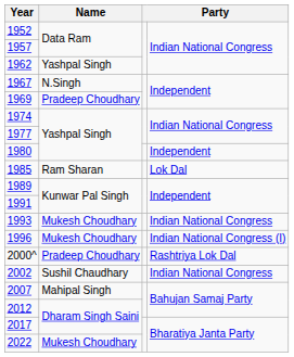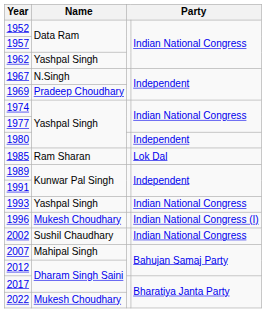 <table class="wikitable">
 <tr>
 <th>Year</th>
 <th>Name</th>
 <th colspan="2">Party</th>
 </tr>
 <tr>
 <td><a href='#'>1952</a></td>
 <td rowspan="2">Data Ram</td>
 <td rowspan="3" style="background-color: "></td>
 <td rowspan="3"><a href='#'>Indian National Congress</a></td>
 </tr>
 <tr>
 <td><a href='#'>1957</a></td>
 </tr>
 <tr>
 <td><a href='#'>1962</a></td>
 <td>Yashpal Singh</td>
 </tr>
 <tr>
 <td><a href='#'>1967</a></td>
 <td>N.Singh</td>
 <td rowspan="2" style="background-color: "></td>
 <td rowspan="2"><a href='#'>Independent</a></td>
 </tr>
 <tr>
 <td><a href='#'>1969</a></td>
 <td><a href='#'>Pradeep Choudhary</a></td>
 </tr>
 <tr>
 <td><a href='#'>1974</a></td>
 <td rowspan="3">Yashpal Singh</td>
 <td rowspan="2" style="background-color: "></td>
 <td rowspan="2"><a href='#'>Indian National Congress</a></td>
 </tr>
 <tr>
 <td><a href='#'>1977</a></td>
 </tr>
 <tr>
 <td><a href='#'>1980</a></td>
 <td style="background-color: "></td>
 <td><a href='#'>Independent</a></td>
 </tr>
 <tr>
 <td><a href='#'>1985</a></td>
 <td>Ram Sharan</td>
 <td style="background-color: "></td>
 <td><a href='#'>Lok Dal</a></td>
 </tr>
 <tr>
 <td><a href='#'>1989</a></td>
 <td rowspan="2">Kunwar Pal Singh</td>
 <td rowspan="2" style="background-color: "></td>
 <td rowspan="2"><a href='#'>Independent</a></td>
 </tr>
 <tr>
 <td><a href='#'>1991</a></td>
 </tr>
 <tr>
 <td><a href='#'>1993</a></td>
-<td><a href='#'>Mukesh Choudhary</a></td>
+<td>Yashpal Singh</td>
 <td style="background-color: "></td>
 <td><a href='#'>Indian National Congress</a></td>
 </tr>
 <tr>
 <td><a href='#'>1996</a></td>
 <td><a href='#'>Mukesh Choudhary</a></td>
 <td style="background-color: "></td>
 <td><a href='#'>Indian National Congress (I)</a></td>
-</tr>
-<tr>
-<td>2000^</td>
-<td><a href='#'>Pradeep Choudhary</a></td>
-<td style="background-color: "></td>
-<td><a href='#'>Rashtriya Lok Dal</a></td>
 </tr>
 <tr>
 <td><a href='#'>2002</a></td>
 <td>Sushil Chaudhary</td>
 <td style="background-color: "></td>
 <td><a href='#'>Indian National Congress</a></td>
 </tr>
 <tr>
 <td><a href='#'>2007</a></td>
 <td>Mahipal Singh</td>
 <td rowspan="2" style="background-color: "></td>
 <td rowspan="2"><a href='#'>Bahujan Samaj Party</a></td>
 </tr>
 <tr>
 <td><a href='#'>2012</a></td>
 <td rowspan="2"><a href='#'>Dharam Singh Saini</a></td>
 </tr>
 <tr>
 <td><a href='#'>2017</a></td>
 <td rowspan="2" style="background-color: "></td>
 <td rowspan="2"><a href='#'>Bharatiya Janta Party</a></td>
 </tr>
 <tr>
 <td><a href='#'>2022</a></td>
 <td><a href='#'>Mukesh Choudhary</a></td>
 </tr>
 </table>
